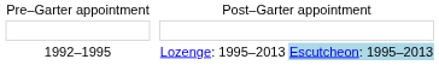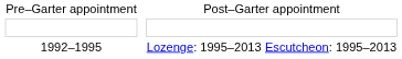 <table class="mw-collapsible mw-collapsed" style="font-size:small; margin:auto; text-align:center;">
 <tr>
 <td>Pre–Garter appointment</td>
 <td style="width:.2em;"></td>
 <td colspan=2>Post–Garter appointment</td>
 </tr>
 <tr>
 <td style="border:1px solid lightgrey; padding:.7em;"></td>
 <td></td>
 <td colspan=2 style="border:1px solid lightgrey; padding:.7em;"></td>
 </tr>
 <tr>
 <td>1992–1995</td>
 <td></td>
 <td><a href='#'>Lozenge</a>: 1995–2013</td>
-<td style="background: lightblue;"><a href='#'>Escutcheon</a>: 1995–2013</td>
+<td><a href='#'>Escutcheon</a>: 1995–2013</td>
 </tr>
 </table>
